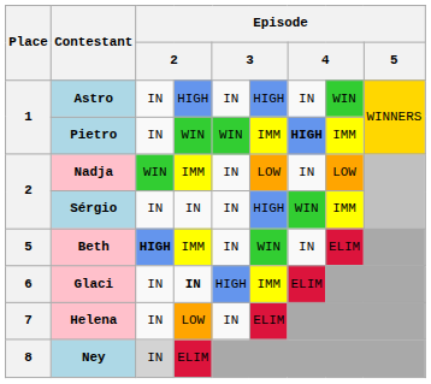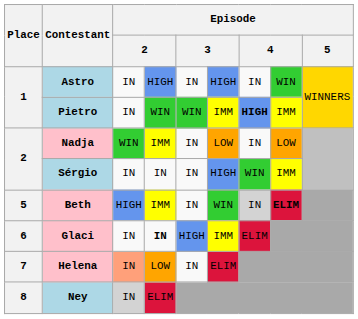 <table class="wikitable" style="text-align: center; font-size: 8pt; line-height:25px;">
 <tr>
 <th rowspan="02">Place</th>
 <th rowspan="02">Contestant</th>
 <th colspan="7">Episode</th>
 </tr>
 <tr>
 <th colspan=2>2</th>
 <th colspan=2>3</th>
 <th colspan=2>4</th>
 <th>5</th>
 </tr>
 <tr>
 <th rowspan=2>1</th>
 <td style="background:#ADD8E6"><strong>Astro</strong></td>
 <td>IN</td>
 <td bgcolor="6495ED">HIGH</td>
 <td>IN</td>
 <td bgcolor="6495ED">HIGH</td>
 <td>IN</td>
 <td bgcolor="32CD32">WIN</td>
 <td rowspan="2" bgcolor="FFD700">WINNERS</td>
 </tr>
 <tr>
 <td style="background:#ADD8E6"><strong>Pietro</strong></td>
 <td>IN</td>
 <td bgcolor="32CD32">WIN</td>
 <td bgcolor="32CD32">WIN</td>
 <td bgcolor="FFFF00">IMM</td>
 <td bgcolor="6495ED"><strong>HIGH</strong></td>
 <td bgcolor="FFFF00">IMM</td>
 </tr>
 <tr>
 <th rowspan=2>2</th>
 <td style="background:#FFC0CB"><strong>Nadja</strong></td>
 <td bgcolor="32CD32">WIN</td>
 <td bgcolor="FFFF00">IMM</td>
 <td>IN</td>
 <td bgcolor="FFA500">LOW</td>
 <td>IN</td>
 <td bgcolor="FFA500">LOW</td>
 <td rowspan="2" bgcolor="C0C0C0"></td>
 </tr>
 <tr>
 <td style="background:#ADD8E6"><strong>Sérgio</strong></td>
 <td>IN</td>
 <td>IN</td>
 <td>IN</td>
 <td bgcolor="6495ED">HIGH</td>
 <td bgcolor="32CD32">WIN</td>
 <td bgcolor="FFFF00">IMM</td>
 </tr>
 <tr>
 <th>5</th>
 <td style="background:#FFC0CB"><strong>Beth</strong></td>
-<td bgcolor="6495ED"><strong>HIGH</strong></td>
+<td bgcolor="6495ED">HIGH</td>
 <td bgcolor="FFFF00">IMM</td>
 <td>IN</td>
 <td bgcolor="32CD32">WIN</td>
-<td>IN</td>
-<td bgcolor="DC143C">ELIM</td>
+<td style="background: lightgrey;">IN</td>
+<td bgcolor="DC143C"><strong>ELIM</strong></td>
 <td bgcolor="A9A9A9"></td>
 </tr>
 <tr>
 <th>6</th>
 <td style="background:#FFC0CB"><strong>Glaci</strong></td>
 <td>IN</td>
 <td><strong>IN</strong></td>
 <td bgcolor="6495ED">HIGH</td>
 <td bgcolor="FFFF00">IMM</td>
 <td bgcolor="DC143C">ELIM</td>
 <td colspan="2" bgcolor="A9A9A9"></td>
 </tr>
 <tr>
 <th>7</th>
 <td style="background:#FFC0CB"><strong>Helena</strong></td>
-<td>IN</td>
+<td style="background: lightsalmon;">IN</td>
 <td bgcolor="FFA500">LOW</td>
 <td>IN</td>
 <td bgcolor="DC143C">ELIM</td>
 <td colspan="3" bgcolor="A9A9A9"></td>
 </tr>
 <tr>
 <th>8</th>
 <td style="background:#ADD8E6"><strong>Ney</strong></td>
 <td style="background: lightgrey;">IN</td>
 <td bgcolor="DC143C">ELIM</td>
 <td colspan="5" bgcolor="A9A9A9"></td>
 </tr>
 </table>
